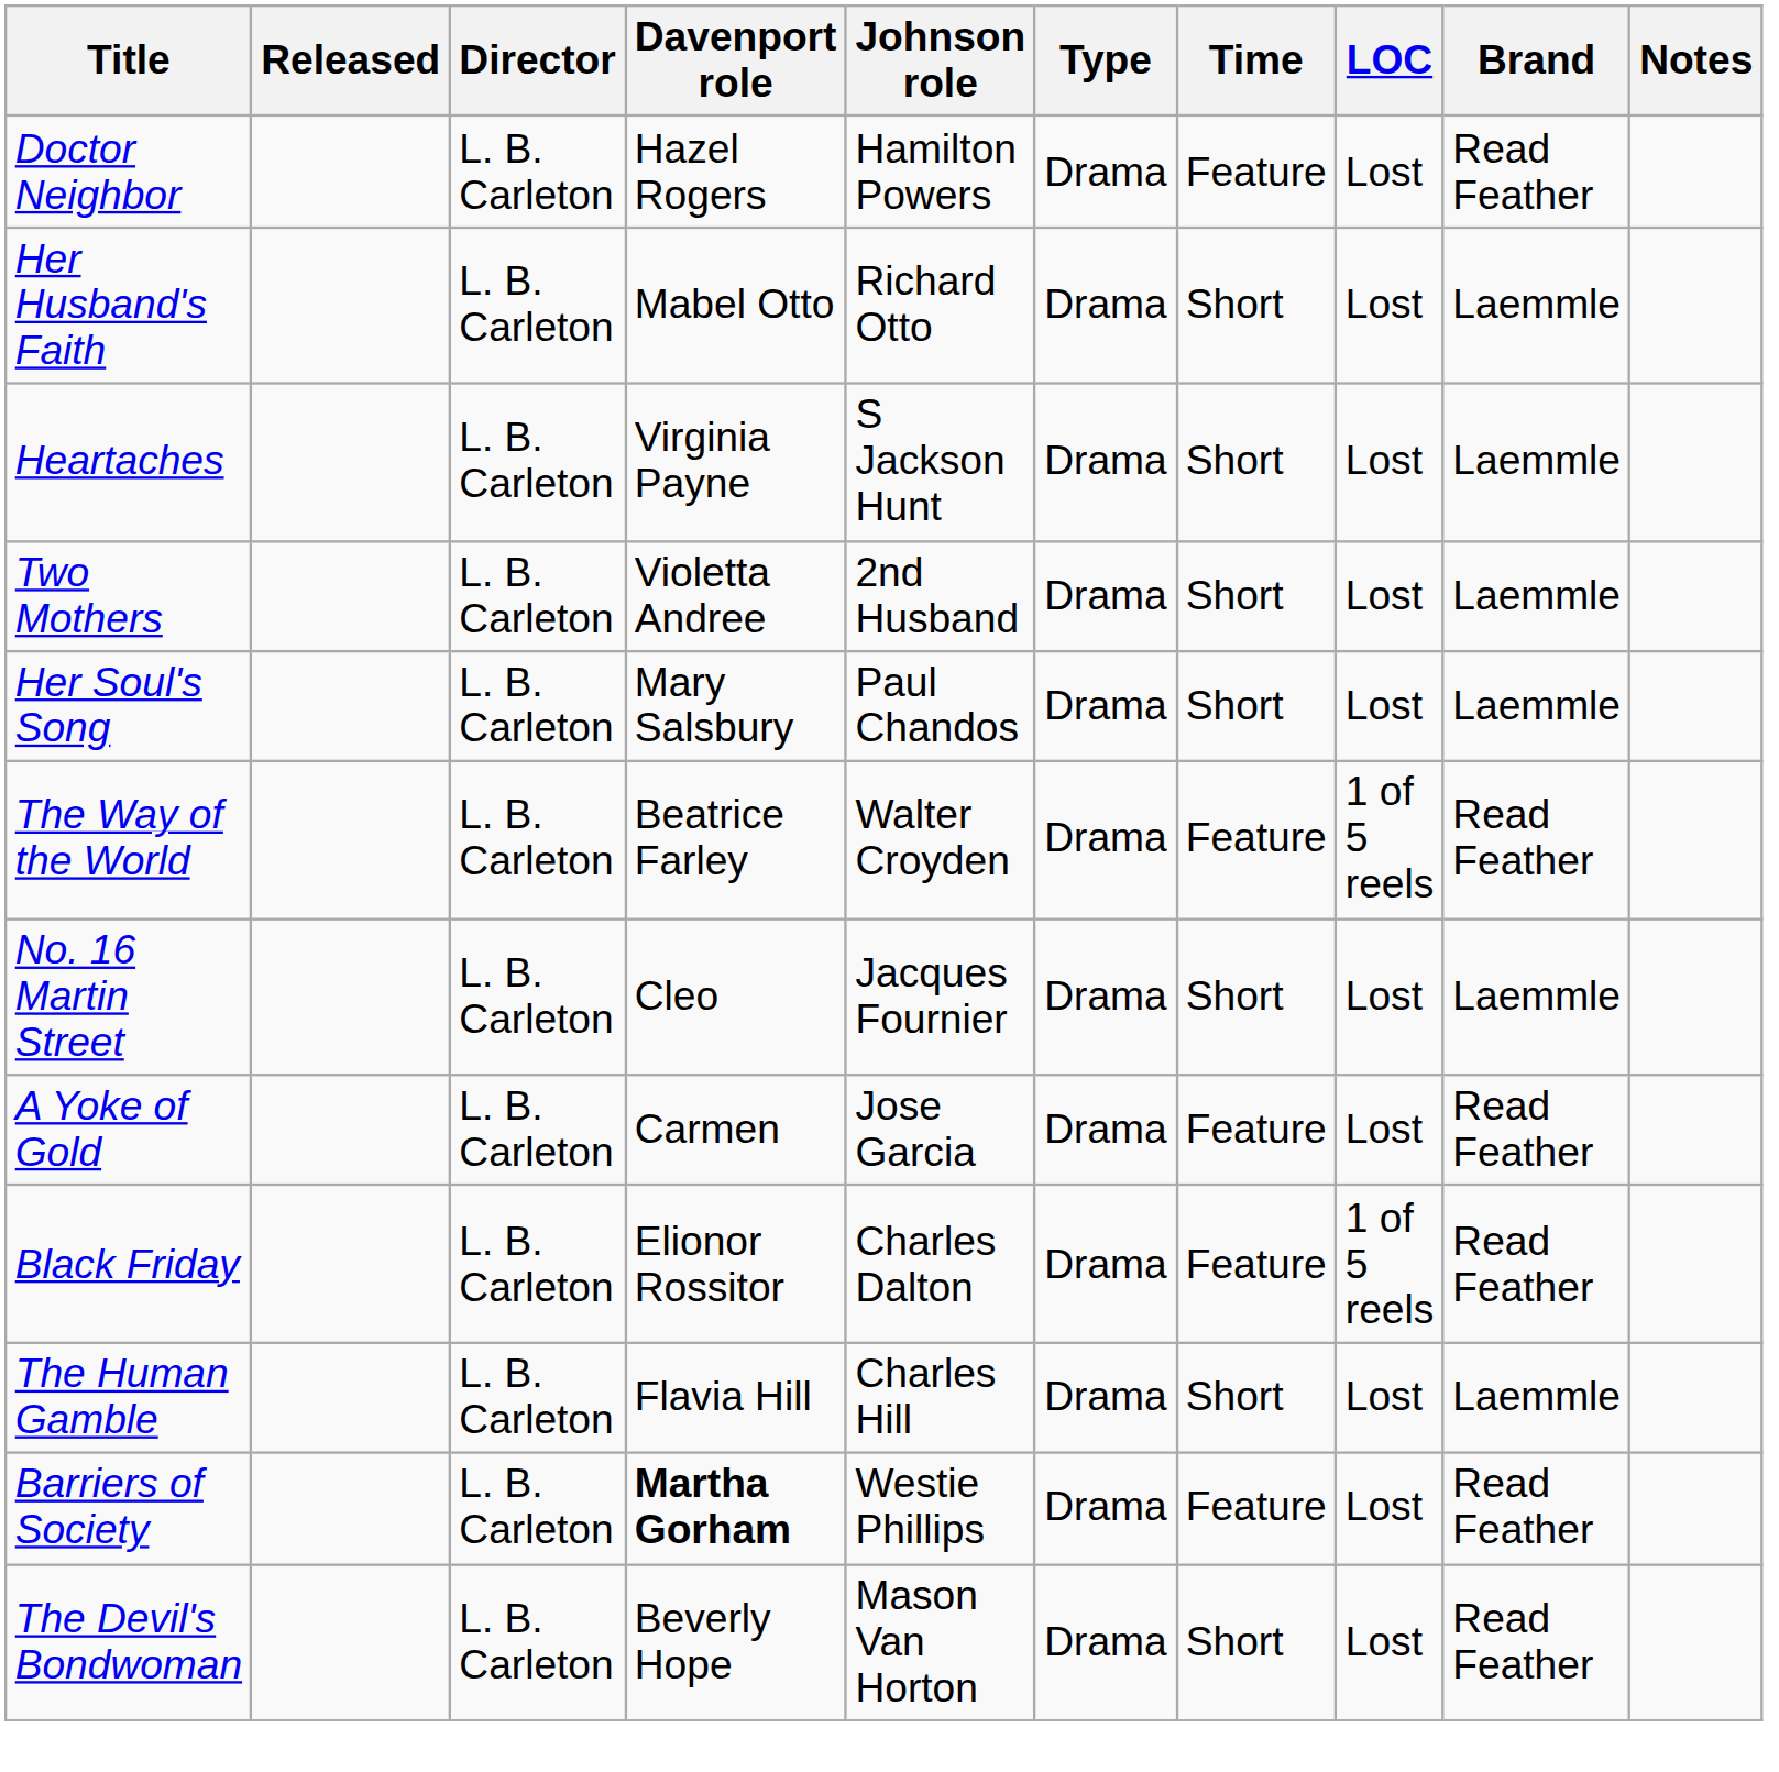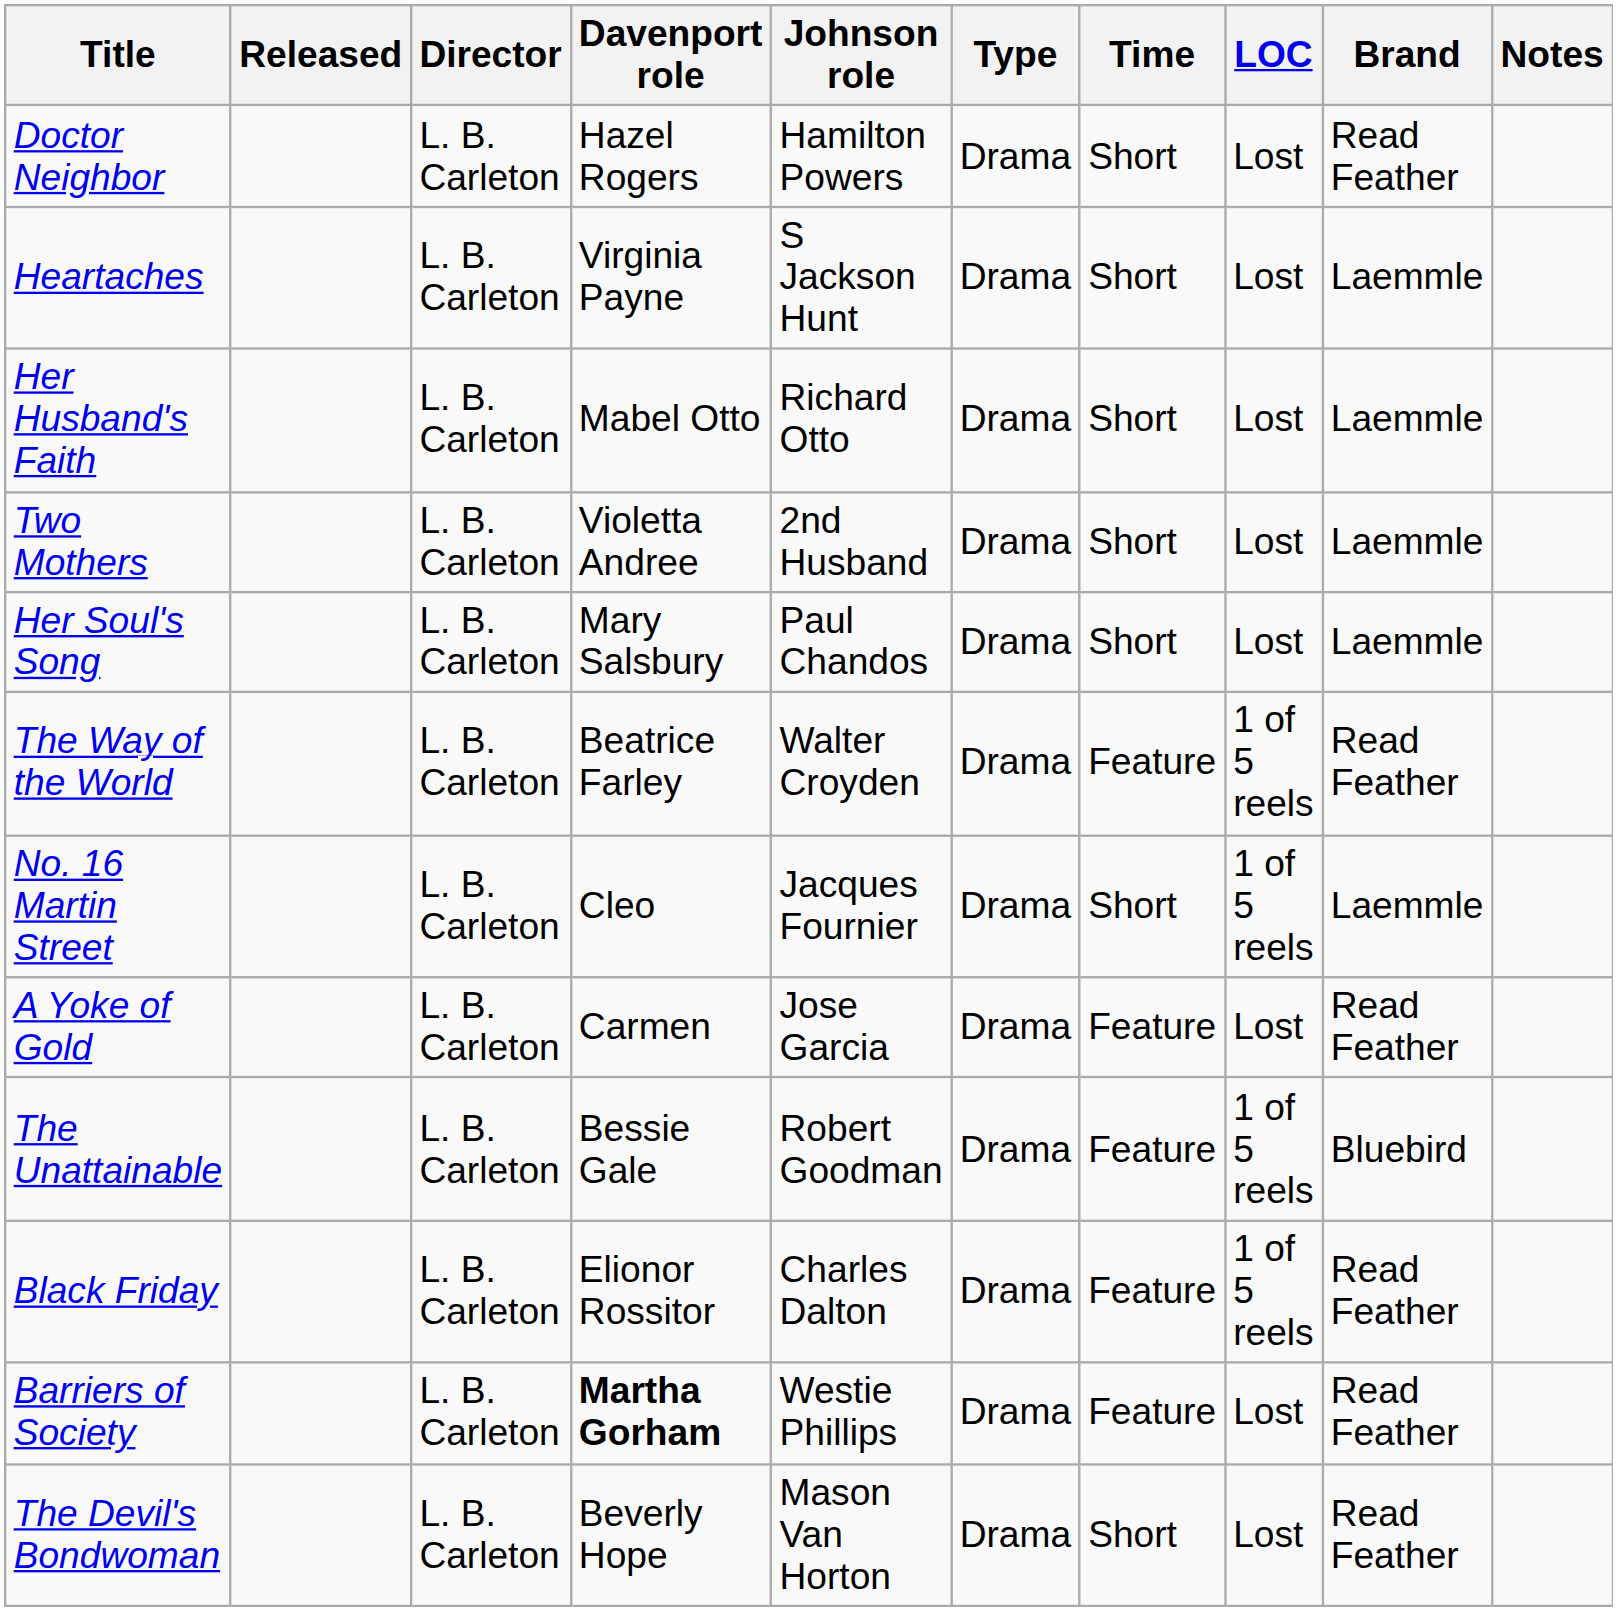 <table class="wikitable sortable">
 <tr>
 <th>Title</th>
 <th>Released</th>
 <th>Director</th>
 <th>Davenport role</th>
 <th>Johnson role</th>
 <th>Type</th>
 <th>Time</th>
 <th><a href='#'>LOC</a></th>
 <th>Brand</th>
 <th>Notes</th>
 </tr>
 <tr>
 <td><em><a href='#'>Doctor Neighbor</a></em></td>
 <td></td>
 <td>L. B. Carleton</td>
 <td>Hazel Rogers</td>
 <td>Hamilton Powers</td>
 <td>Drama</td>
-<td>Feature</td>
+<td>Short</td>
 <td>Lost</td>
 <td>Read Feather</td>
+<td></td>
+</tr>
+<tr>
+<td><em><a href='#'>Heartaches</a> </em></td>
+<td></td>
+<td>L. B. Carleton</td>
+<td>Virginia Payne</td>
+<td>S Jackson Hunt</td>
+<td>Drama</td>
+<td>Short</td>
+<td>Lost</td>
+<td>Laemmle</td>
 <td></td>
 </tr>
 <tr>
 <td><em><a href='#'>Her Husband's Faith</a></em></td>
 <td></td>
 <td>L. B. Carleton</td>
 <td>Mabel Otto</td>
 <td>Richard Otto</td>
-<td>Drama</td>
-<td>Short</td>
-<td>Lost</td>
-<td>Laemmle</td>
-<td></td>
-</tr>
-<tr>
-<td><em><a href='#'>Heartaches</a> </em></td>
-<td></td>
-<td>L. B. Carleton</td>
-<td>Virginia Payne</td>
-<td>S Jackson Hunt</td>
 <td>Drama</td>
 <td>Short</td>
 <td>Lost</td>
 <td>Laemmle</td>
 <td></td>
 </tr>
 <tr>
 <td><em><a href='#'>Two Mothers</a></em></td>
 <td></td>
 <td>L. B. Carleton</td>
 <td>Violetta Andree</td>
 <td>2nd Husband</td>
 <td>Drama</td>
 <td>Short</td>
 <td>Lost</td>
 <td>Laemmle</td>
 <td></td>
 </tr>
 <tr>
 <td><em><a href='#'>Her Soul's Song</a></em></td>
 <td></td>
 <td>L. B. Carleton</td>
 <td>Mary Salsbury</td>
 <td>Paul Chandos</td>
 <td>Drama</td>
 <td>Short</td>
 <td>Lost</td>
 <td>Laemmle</td>
 <td></td>
 </tr>
 <tr>
 <td><em><a href='#'>The Way of the World</a></em></td>
 <td></td>
 <td>L. B. Carleton</td>
 <td>Beatrice Farley</td>
 <td>Walter Croyden</td>
 <td>Drama</td>
 <td>Feature</td>
 <td>1 of 5 reels</td>
 <td>Read Feather</td>
 <td></td>
 </tr>
 <tr>
 <td><em><a href='#'>No. 16 Martin Street</a></em></td>
 <td></td>
 <td>L. B. Carleton</td>
 <td>Cleo</td>
 <td>Jacques Fournier</td>
 <td>Drama</td>
 <td>Short</td>
-<td>Lost</td>
+<td>1 of 5 reels</td>
 <td>Laemmle</td>
 <td></td>
 </tr>
 <tr>
 <td><em><a href='#'>A Yoke of Gold</a></em></td>
 <td></td>
 <td>L. B. Carleton</td>
 <td>Carmen</td>
 <td>Jose Garcia</td>
 <td>Drama</td>
 <td>Feature</td>
 <td>Lost</td>
 <td>Read Feather</td>
 <td></td>
 </tr>
 <tr>
+<td><em><a href='#'>The Unattainable</a></em></td>
+<td></td>
+<td>L. B. Carleton</td>
+<td>Bessie Gale</td>
+<td>Robert Goodman</td>
+<td>Drama</td>
+<td>Feature</td>
+<td>1 of 5 reels</td>
+<td>Bluebird</td>
+<td></td>
+</tr>
+<tr>
 <td><em><a href='#'>Black Friday</a></em></td>
 <td></td>
 <td>L. B. Carleton</td>
 <td>Elionor Rossitor</td>
 <td>Charles Dalton</td>
 <td>Drama</td>
 <td>Feature</td>
 <td>1 of 5 reels</td>
 <td>Read Feather</td>
-<td></td>
-</tr>
-<tr>
-<td><em><a href='#'>The Human Gamble</a></em></td>
-<td></td>
-<td>L. B. Carleton</td>
-<td>Flavia Hill</td>
-<td>Charles Hill</td>
-<td>Drama</td>
-<td>Short</td>
-<td>Lost</td>
-<td>Laemmle</td>
 <td></td>
 </tr>
 <tr>
 <td><em><a href='#'>Barriers of Society</a></em></td>
 <td></td>
 <td>L. B. Carleton</td>
 <td><strong>Martha Gorham</strong></td>
 <td>Westie Phillips</td>
 <td>Drama</td>
 <td>Feature</td>
 <td>Lost</td>
 <td>Read Feather</td>
 <td></td>
 </tr>
 <tr>
 <td><em><a href='#'>The Devil's Bondwoman</a></em></td>
 <td></td>
 <td>L. B. Carleton</td>
 <td>Beverly Hope</td>
 <td>Mason Van Horton</td>
 <td>Drama</td>
 <td>Short</td>
 <td>Lost</td>
 <td>Read Feather</td>
 <td></td>
 </tr>
 </table>
